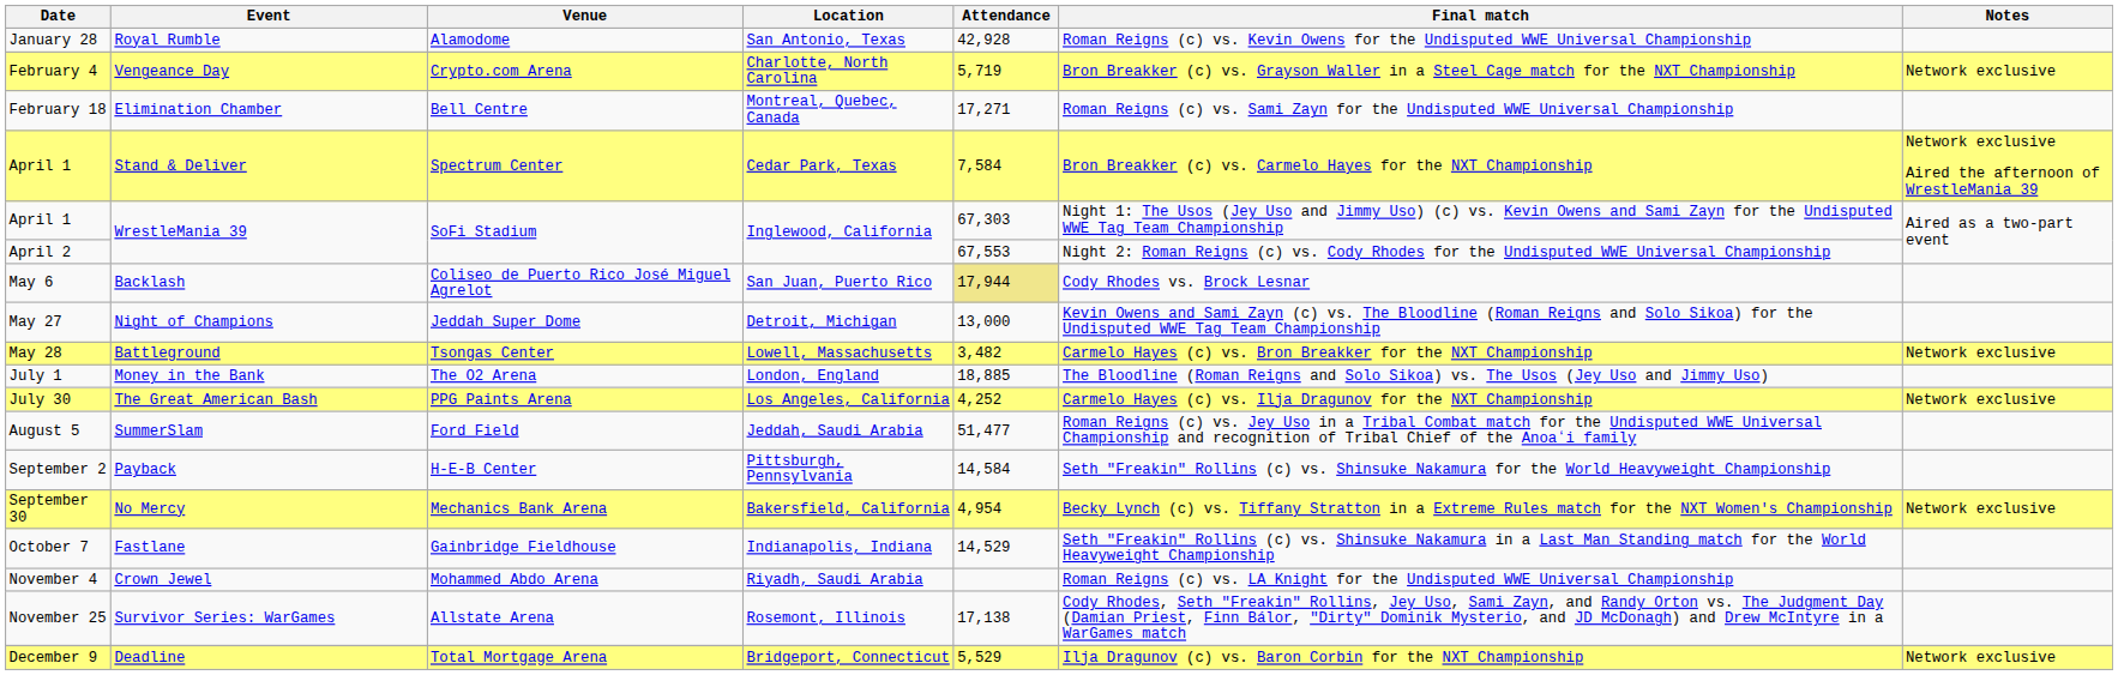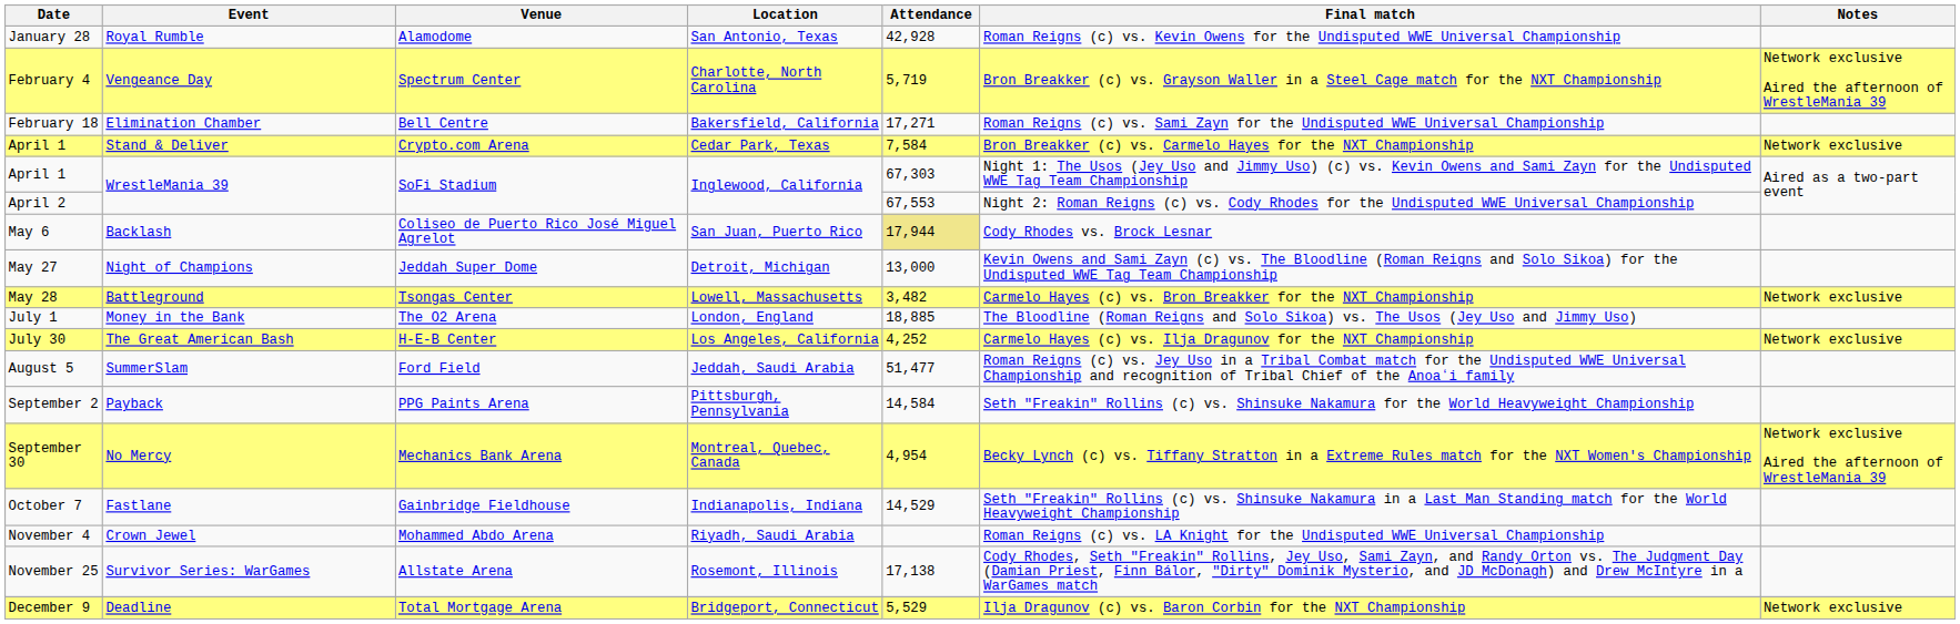 <table id="Past_events_2023" class="sortable wikitable succession-box" style="font-size:85%; width:100%">
 <tr>
 <th scope="col" style="width:5%;">Date</th>
 <th scope="col" style="width:15%;">Event</th>
 <th scope="col" style="width:15%;">Venue</th>
 <th scope="col" style="width:10%;">Location</th>
 <th scope="col" style="width:5%;">Attendance</th>
 <th scope="col" style="width:40%;">Final match</th>
 <th scope="col" style="width:10%;">Notes</th>
 </tr>
 <tr>
 <td>January 28</td>
 <td><a href='#'>Royal Rumble</a></td>
 <td><a href='#'>Alamodome</a></td>
 <td><a href='#'>San Antonio, Texas</a></td>
 <td>42,928</td>
 <td><a href='#'>Roman Reigns</a> (c) vs. <a href='#'>Kevin Owens</a> for the <a href='#'>Undisputed WWE Universal Championship</a></td>
 <td></td>
 </tr>
 <tr style="background: #FFFF80;">
 <td>February 4</td>
 <td><a href='#'>Vengeance Day</a></td>
-<td><a href='#'>Crypto.com Arena</a></td>
+<td><a href='#'>Spectrum Center</a></td>
 <td><a href='#'>Charlotte, North Carolina</a></td>
 <td>5,719</td>
 <td><a href='#'>Bron Breakker</a> (c) vs. <a href='#'>Grayson Waller</a> in a <a href='#'>Steel Cage match</a> for the <a href='#'>NXT Championship</a></td>
-<td>Network exclusive</td>
+<td>Network exclusive<br><br>Aired the afternoon of <a href='#'>WrestleMania 39</a></td>
 </tr>
 <tr>
 <td>February 18</td>
 <td><a href='#'>Elimination Chamber</a></td>
 <td><a href='#'>Bell Centre</a></td>
-<td><a href='#'>Montreal, Quebec, Canada</a></td>
+<td><a href='#'>Bakersfield, California</a></td>
 <td>17,271</td>
 <td><a href='#'>Roman Reigns</a> (c) vs. <a href='#'>Sami Zayn</a> for the <a href='#'>Undisputed WWE Universal Championship</a></td>
 <td></td>
 </tr>
 <tr style="background: #FFFF80;">
 <td>April 1</td>
 <td><a href='#'>Stand & Deliver</a></td>
-<td><a href='#'>Spectrum Center</a></td>
+<td><a href='#'>Crypto.com Arena</a></td>
 <td><a href='#'>Cedar Park, Texas</a></td>
 <td>7,584</td>
 <td><a href='#'>Bron Breakker</a> (c) vs. <a href='#'>Carmelo Hayes</a> for the <a href='#'>NXT Championship</a></td>
-<td>Network exclusive<br><br>Aired the afternoon of <a href='#'>WrestleMania 39</a></td>
+<td>Network exclusive</td>
 </tr>
 <tr>
 <td>April 1</td>
 <td rowspan="2"><a href='#'>WrestleMania 39</a></td>
 <td rowspan="2"><a href='#'>SoFi Stadium</a></td>
 <td rowspan="2"><a href='#'>Inglewood, California</a></td>
 <td>67,303</td>
 <td>Night 1: <a href='#'>The Usos</a> (<a href='#'>Jey Uso</a> and <a href='#'>Jimmy Uso</a>) (c) vs. <a href='#'>Kevin Owens and Sami Zayn</a> for the <a href='#'>Undisputed WWE Tag Team Championship</a></td>
 <td rowspan="2">Aired as a two-part event</td>
 </tr>
 <tr>
 <td>April 2</td>
 <td>67,553</td>
 <td>Night 2: <a href='#'>Roman Reigns</a> (c) vs. <a href='#'>Cody Rhodes</a> for the <a href='#'>Undisputed WWE Universal Championship</a></td>
 </tr>
 <tr>
 <td>May 6</td>
 <td><a href='#'>Backlash</a></td>
 <td><a href='#'>Coliseo de Puerto Rico José Miguel Agrelot</a></td>
 <td><a href='#'>San Juan, Puerto Rico</a></td>
 <td style="background: khaki;">17,944</td>
 <td><a href='#'>Cody Rhodes</a> vs. <a href='#'>Brock Lesnar</a></td>
 <td></td>
 </tr>
 <tr>
 <td>May 27</td>
 <td><a href='#'>Night of Champions</a></td>
 <td><a href='#'>Jeddah Super Dome</a></td>
 <td><a href='#'>Detroit, Michigan</a></td>
 <td>13,000</td>
 <td><a href='#'>Kevin Owens and Sami Zayn</a> (c) vs. <a href='#'>The Bloodline</a> (<a href='#'>Roman Reigns</a> and <a href='#'>Solo Sikoa</a>) for the <a href='#'>Undisputed WWE Tag Team Championship</a></td>
 <td></td>
 </tr>
 <tr style="background: #FFFF80;">
 <td>May 28</td>
 <td><a href='#'>Battleground</a></td>
 <td><a href='#'>Tsongas Center</a></td>
 <td><a href='#'>Lowell, Massachusetts</a></td>
 <td>3,482</td>
 <td><a href='#'>Carmelo Hayes</a> (c) vs. <a href='#'>Bron Breakker</a> for the <a href='#'>NXT Championship</a></td>
 <td>Network exclusive</td>
 </tr>
 <tr>
 <td>July 1</td>
 <td><a href='#'>Money in the Bank</a></td>
 <td><a href='#'>The O2 Arena</a></td>
 <td><a href='#'>London, England</a></td>
 <td>18,885</td>
 <td><a href='#'>The Bloodline</a> (<a href='#'>Roman Reigns</a> and <a href='#'>Solo Sikoa</a>) vs. <a href='#'>The Usos</a> (<a href='#'>Jey Uso</a> and <a href='#'>Jimmy Uso</a>)</td>
 <td></td>
 </tr>
 <tr style="background: #FFFF80">
 <td>July 30</td>
 <td><a href='#'>The Great American Bash</a></td>
-<td><a href='#'>PPG Paints Arena</a></td>
+<td><a href='#'>H-E-B Center</a></td>
 <td><a href='#'>Los Angeles, California</a></td>
 <td>4,252</td>
 <td><a href='#'>Carmelo Hayes</a> (c) vs. <a href='#'>Ilja Dragunov</a> for the <a href='#'>NXT Championship</a></td>
 <td>Network exclusive</td>
 </tr>
 <tr>
 <td>August 5</td>
 <td><a href='#'>SummerSlam</a></td>
 <td><a href='#'>Ford Field</a></td>
 <td><a href='#'>Jeddah, Saudi Arabia</a></td>
 <td>51,477</td>
 <td><a href='#'>Roman Reigns</a> (c) vs. <a href='#'>Jey Uso</a> in a <a href='#'>Tribal Combat match</a> for the <a href='#'>Undisputed WWE Universal Championship</a> and recognition of Tribal Chief of the <a href='#'>Anoaʻi family</a></td>
 <td></td>
 </tr>
 <tr>
 <td>September 2</td>
 <td><a href='#'>Payback</a></td>
-<td><a href='#'>H-E-B Center</a></td>
+<td><a href='#'>PPG Paints Arena</a></td>
 <td><a href='#'>Pittsburgh, Pennsylvania</a></td>
 <td>14,584</td>
 <td><a href='#'>Seth "Freakin" Rollins</a> (c) vs. <a href='#'>Shinsuke Nakamura</a> for the <a href='#'>World Heavyweight Championship</a></td>
 <td></td>
 </tr>
 <tr style="background: #FFFF80">
 <td>September 30</td>
 <td><a href='#'>No Mercy</a></td>
 <td><a href='#'>Mechanics Bank Arena</a></td>
-<td><a href='#'>Bakersfield, California</a></td>
+<td><a href='#'>Montreal, Quebec, Canada</a></td>
 <td>4,954</td>
 <td><a href='#'>Becky Lynch</a> (c) vs. <a href='#'>Tiffany Stratton</a> in a <a href='#'>Extreme Rules match</a> for the <a href='#'>NXT Women's Championship</a></td>
-<td>Network exclusive</td>
+<td>Network exclusive<br><br>Aired the afternoon of <a href='#'>WrestleMania 39</a></td>
 </tr>
 <tr>
 <td>October 7</td>
 <td><a href='#'>Fastlane</a></td>
 <td><a href='#'>Gainbridge Fieldhouse</a></td>
 <td><a href='#'>Indianapolis, Indiana</a></td>
 <td>14,529</td>
 <td><a href='#'>Seth "Freakin" Rollins</a> (c) vs. <a href='#'>Shinsuke Nakamura</a> in a <a href='#'>Last Man Standing match</a> for the <a href='#'>World Heavyweight Championship</a></td>
 <td></td>
 </tr>
 <tr>
 <td>November 4</td>
 <td><a href='#'>Crown Jewel</a></td>
 <td><a href='#'>Mohammed Abdo Arena</a></td>
 <td><a href='#'>Riyadh, Saudi Arabia</a></td>
 <td></td>
 <td><a href='#'>Roman Reigns</a> (c) vs. <a href='#'>LA Knight</a> for the <a href='#'>Undisputed WWE Universal Championship</a></td>
 <td></td>
 </tr>
 <tr>
 <td>November 25</td>
 <td><a href='#'>Survivor Series: WarGames</a></td>
 <td><a href='#'>Allstate Arena</a></td>
 <td><a href='#'>Rosemont, Illinois</a></td>
 <td>17,138</td>
 <td><a href='#'>Cody Rhodes</a>, <a href='#'>Seth "Freakin" Rollins</a>, <a href='#'>Jey Uso</a>, <a href='#'>Sami Zayn</a>, and <a href='#'>Randy Orton</a> vs. <a href='#'>The Judgment Day</a> (<a href='#'>Damian Priest</a>, <a href='#'>Finn Bálor</a>, <a href='#'>"Dirty" Dominik Mysterio</a>, and <a href='#'>JD McDonagh</a>) and <a href='#'>Drew McIntyre</a> in a <a href='#'>WarGames match</a></td>
 <td></td>
 </tr>
 <tr>
 </tr>
 <tr style="background: #FFFF80">
 <td>December 9</td>
 <td><a href='#'>Deadline</a></td>
 <td><a href='#'>Total Mortgage Arena</a></td>
 <td><a href='#'>Bridgeport, Connecticut</a></td>
 <td>5,529</td>
 <td><a href='#'>Ilja Dragunov</a> (c) vs. <a href='#'>Baron Corbin</a> for the <a href='#'>NXT Championship</a></td>
 <td>Network exclusive</td>
 </tr>
 </table>
